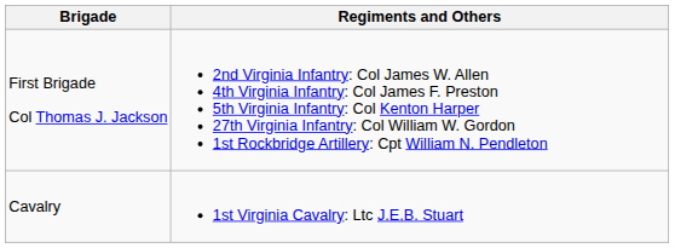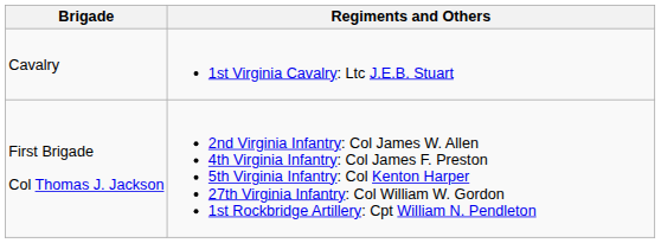 <table class="wikitable">
 <tr>
 <th width=25%>Brigade</th>
 <th>Regiments and Others</th>
 </tr>
 <tr>
+<td>Cavalry</td>
+<td><br><ul><li><a href='#'>1st Virginia Cavalry</a>: Ltc <a href='#'>J.E.B. Stuart</a></li></ul></td>
+</tr>
+<tr>
 <td>First Brigade<br><br> Col <a href='#'>Thomas J. Jackson</a></td>
 <td><br><ul><li><a href='#'>2nd Virginia Infantry</a>: Col James W. Allen</li><li><a href='#'>4th Virginia Infantry</a>: Col James F. Preston</li><li><a href='#'>5th Virginia Infantry</a>: Col <a href='#'>Kenton Harper</a></li><li><a href='#'>27th Virginia Infantry</a>: Col William W. Gordon</li><li><a href='#'>1st Rockbridge Artillery</a>: Cpt <a href='#'>William N. Pendleton</a></li></ul></td>
 </tr>
-<tr>
-<td>Cavalry</td>
-<td><br><ul><li><a href='#'>1st Virginia Cavalry</a>: Ltc <a href='#'>J.E.B. Stuart</a></li></ul></td>
-</tr>
 </table>
